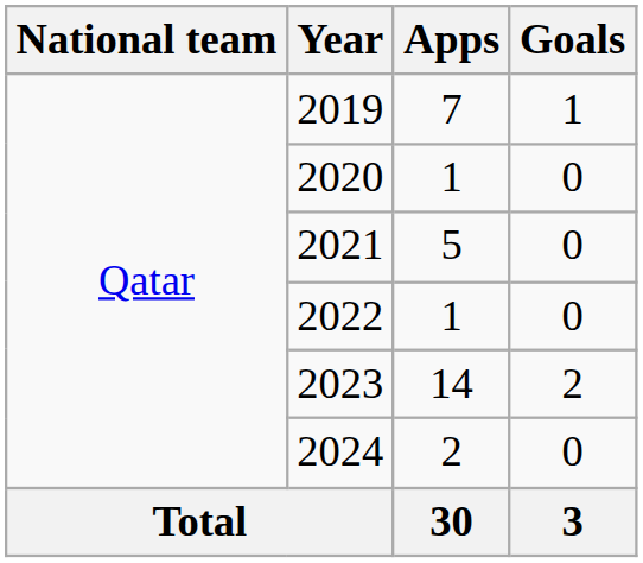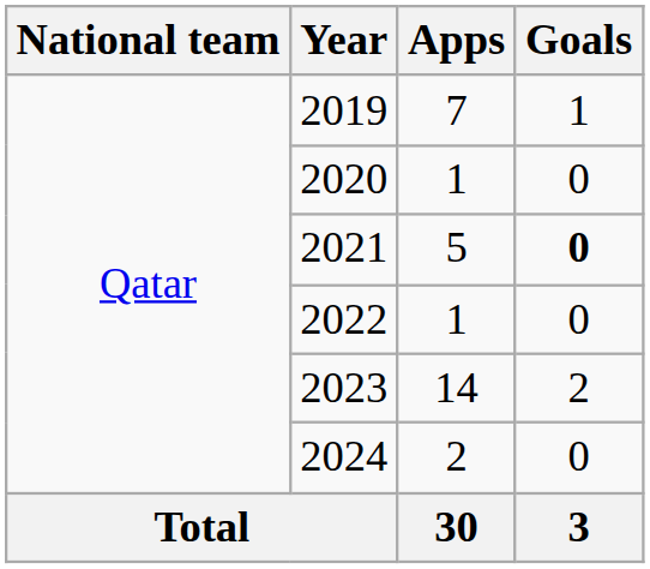 <table class="wikitable" style="text-align:center">
 <tr>
 <th>National team</th>
 <th>Year</th>
 <th>Apps</th>
 <th>Goals</th>
 </tr>
 <tr>
 <td rowspan="6"><a href='#'>Qatar</a></td>
 <td>2019</td>
 <td>7</td>
 <td>1</td>
 </tr>
 <tr>
 <td>2020</td>
 <td>1</td>
 <td>0</td>
 </tr>
 <tr>
 <td>2021</td>
 <td>5</td>
-<td>0</td>
+<td><strong>0</strong></td>
 </tr>
 <tr>
 <td>2022</td>
 <td>1</td>
 <td>0</td>
 </tr>
 <tr>
 <td>2023</td>
 <td>14</td>
 <td>2</td>
 </tr>
 <tr>
 <td>2024</td>
 <td>2</td>
 <td>0</td>
 </tr>
 <tr>
 <th colspan=2>Total</th>
 <th>30</th>
 <th>3</th>
 </tr>
 </table>
